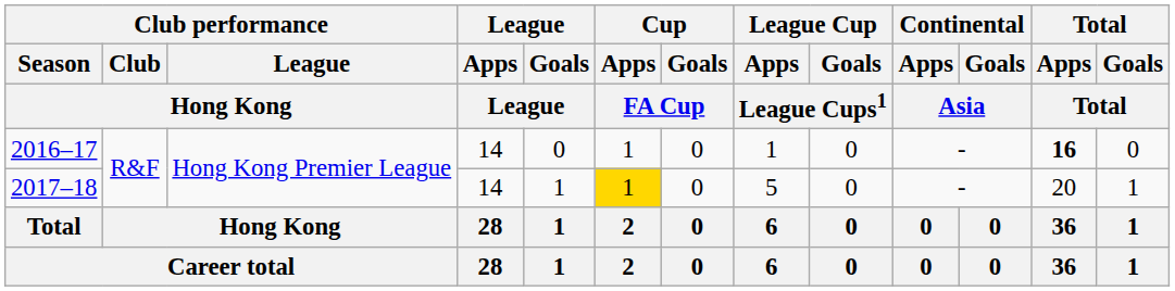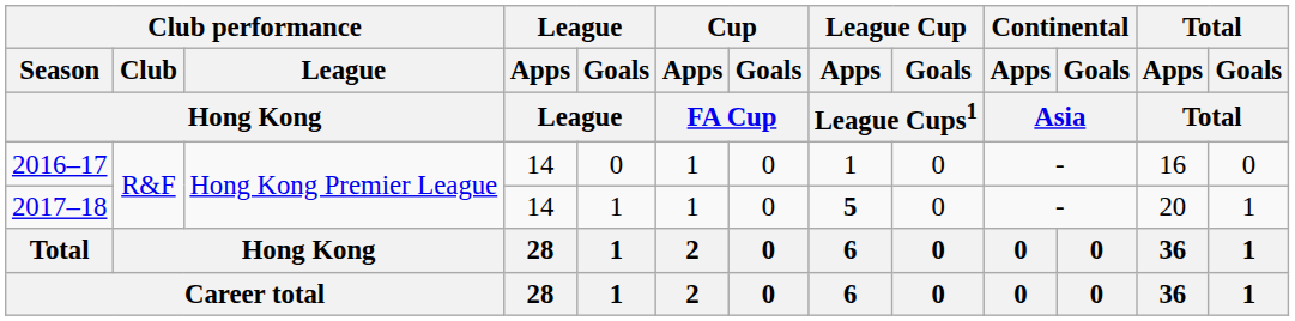 <table class="wikitable" style="text-align:center">
 <tr>
 <th colspan=3>Club performance</th>
 <th colspan=2>League</th>
 <th colspan=2>Cup</th>
 <th colspan=2>League Cup</th>
 <th colspan=2>Continental</th>
 <th colspan=2>Total</th>
 </tr>
 <tr>
 <th>Season</th>
 <th>Club</th>
 <th>League</th>
 <th>Apps</th>
 <th>Goals</th>
 <th>Apps</th>
 <th>Goals</th>
 <th>Apps</th>
 <th>Goals</th>
 <th>Apps</th>
 <th>Goals</th>
 <th>Apps</th>
 <th>Goals</th>
 </tr>
 <tr>
 <th colspan=3>Hong Kong</th>
 <th colspan=2>League</th>
 <th colspan=2><a href='#'>FA Cup</a></th>
 <th colspan=2>League Cups<sup>1</sup></th>
 <th colspan=2><a href='#'>Asia</a></th>
 <th colspan=2>Total</th>
 </tr>
 <tr>
 <td><a href='#'>2016–17</a></td>
 <td rowspan="2"><a href='#'>R&F</a></td>
 <td rowspan="2"><a href='#'>Hong Kong Premier League</a></td>
 <td>14</td>
 <td>0</td>
 <td>1</td>
 <td>0</td>
 <td>1</td>
 <td>0</td>
 <td colspan="2">-</td>
-<td><strong>16</strong></td>
+<td>16</td>
 <td>0</td>
 </tr>
 <tr>
 <td><a href='#'>2017–18</a></td>
 <td>14</td>
 <td>1</td>
-<td style="background: gold;">1</td>
+<td>1</td>
 <td>0</td>
-<td>5</td>
+<td><strong>5</strong></td>
 <td>0</td>
 <td colspan="2">-</td>
 <td>20</td>
 <td>1</td>
 </tr>
 <tr>
 <th rowspan=1>Total</th>
 <th colspan=2>Hong Kong</th>
 <th>28</th>
 <th>1</th>
 <th>2</th>
 <th>0</th>
 <th>6</th>
 <th>0</th>
 <th>0</th>
 <th>0</th>
 <th>36</th>
 <th>1</th>
 </tr>
 <tr>
 <th colspan=3>Career total</th>
 <th>28</th>
 <th>1</th>
 <th>2</th>
 <th>0</th>
 <th>6</th>
 <th>0</th>
 <th>0</th>
 <th>0</th>
 <th>36</th>
 <th>1</th>
 </tr>
 </table>
